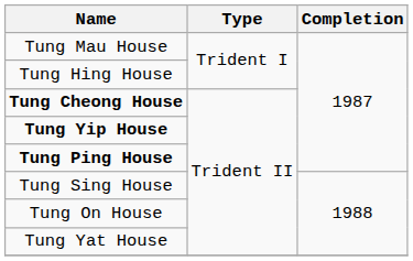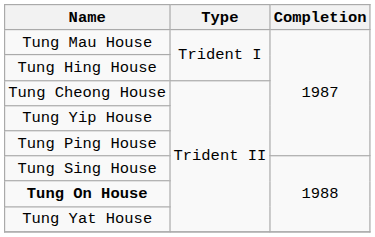 <table class="wikitable" style="text-align: center">
 <tr>
 <th>Name</th>
 <th>Type</th>
 <th>Completion</th>
 </tr>
 <tr>
 <td>Tung Mau House</td>
 <td rowspan="2">Trident I</td>
 <td rowspan="5">1987</td>
 </tr>
 <tr>
 <td>Tung Hing House</td>
 </tr>
 <tr>
-<td><strong>Tung Cheong House</strong></td>
+<td>Tung Cheong House</td>
 <td rowspan="6">Trident II</td>
 </tr>
 <tr>
-<td><strong>Tung Yip House</strong></td>
+<td>Tung Yip House</td>
 </tr>
 <tr>
-<td><strong>Tung Ping House</strong></td>
+<td>Tung Ping House</td>
 </tr>
 <tr>
 <td>Tung Sing House</td>
 <td rowspan="3">1988</td>
 </tr>
 <tr>
-<td>Tung On House</td>
+<td><strong>Tung On House</strong></td>
 </tr>
 <tr>
 <td>Tung Yat House</td>
 </tr>
 <tr>
 </tr>
 </table>
